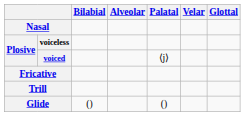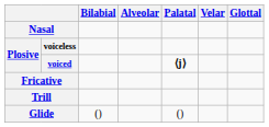 <table class="wikitable" style="text-align:center">
 <tr>
 <th colspan="2"></th>
 <th><a href='#'>Bilabial</a></th>
 <th><a href='#'>Alveolar</a></th>
 <th><a href='#'>Palatal</a></th>
 <th><a href='#'>Velar</a></th>
 <th><a href='#'>Glottal</a></th>
 </tr>
 <tr>
 <th colspan="2"><a href='#'>Nasal</a></th>
 <td></td>
 <td></td>
 <td></td>
 <td></td>
 <td></td>
 </tr>
 <tr>
 <th rowspan="2"><a href='#'>Plosive</a></th>
 <th><small>voiceless</small></th>
 <td></td>
 <td></td>
 <td> </td>
 <td></td>
 <td></td>
 </tr>
 <tr>
 <th><a href='#'><small>voiced</small></a></th>
 <td></td>
 <td></td>
-<td> ⟨j⟩</td>
+<td><strong> ⟨j⟩</strong></td>
 <td></td>
 <td></td>
 </tr>
 <tr>
 <th colspan="2"><a href='#'>Fricative</a></th>
 <td> </td>
 <td></td>
 <td></td>
 <td></td>
 <td></td>
 </tr>
 <tr>
 <th colspan="2"><a href='#'>Trill</a></th>
 <td></td>
 <td> </td>
 <td></td>
 <td></td>
 <td></td>
 </tr>
 <tr>
 <th colspan="2"><a href='#'>Glide</a></th>
 <td>()</td>
 <td></td>
 <td>()</td>
 <td></td>
 <td></td>
 </tr>
 </table>
